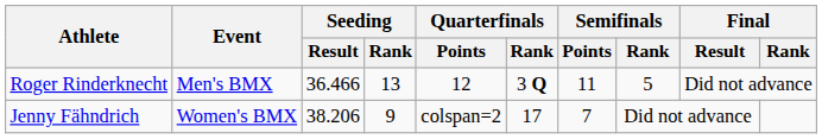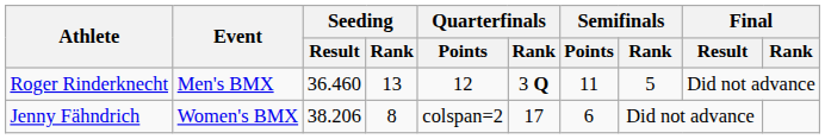 <table class=wikitable style="font-size:90%">
 <tr>
 <th rowspan="2">Athlete</th>
 <th rowspan="2">Event</th>
 <th colspan="2">Seeding</th>
 <th colspan="2">Quarterfinals</th>
 <th colspan="2">Semifinals</th>
 <th colspan="2">Final</th>
 </tr>
 <tr style="font-size:95%">
 <th>Result</th>
 <th>Rank</th>
 <th>Points</th>
 <th>Rank</th>
 <th>Points</th>
 <th>Rank</th>
 <th>Result</th>
 <th>Rank</th>
 </tr>
 <tr align=center>
 <td align=left><a href='#'>Roger Rinderknecht</a></td>
 <td align=left><a href='#'>Men's BMX</a></td>
-<td>36.466</td>
+<td>36.460</td>
 <td>13</td>
 <td>12</td>
 <td>3 <strong>Q</strong></td>
 <td>11</td>
 <td>5</td>
 <td colspan=2>Did not advance</td>
 </tr>
 <tr align=center>
 <td align=left><a href='#'>Jenny Fähndrich</a></td>
 <td align=left><a href='#'>Women's BMX</a></td>
 <td>38.206</td>
-<td>9</td>
+<td>8</td>
 <td>colspan=2 </td>
 <td>17</td>
-<td>7</td>
+<td>6</td>
 <td colspan=2>Did not advance</td>
 </tr>
 </table>
